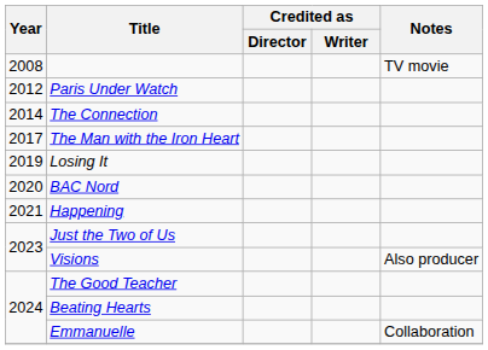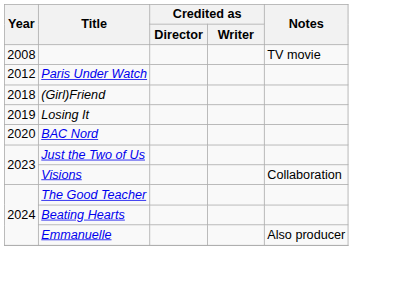 <table class="wikitable">
 <tr>
 <th rowspan="2">Year</th>
 <th rowspan="2">Title</th>
 <th colspan="2">Credited as</th>
 <th rowspan="2'">Notes</th>
 </tr>
 <tr>
 <th width=65>Director</th>
 <th width=65>Writer</th>
 </tr>
 <tr>
 <td>2008</td>
 <td></td>
 <td></td>
 <td></td>
 <td>TV movie</td>
 </tr>
 <tr>
 <td>2012</td>
 <td><em><a href='#'>Paris Under Watch</a></em></td>
 <td></td>
 <td></td>
 <td></td>
 </tr>
 <tr>
-<td>2014</td>
-<td><em><a href='#'>The Connection</a></em></td>
-<td></td>
-<td></td>
-<td></td>
-</tr>
-<tr>
-<td>2017</td>
-<td><em><a href='#'>The Man with the Iron Heart</a></em></td>
+<td>2018</td>
+<td><em>(Girl)Friend</em></td>
 <td></td>
 <td></td>
 <td></td>
 </tr>
 <tr>
 <td>2019</td>
 <td><em>Losing It</em></td>
 <td></td>
 <td></td>
 <td></td>
 </tr>
 <tr>
 <td>2020</td>
 <td><em><a href='#'>BAC Nord</a></em></td>
 <td></td>
 <td></td>
 <td></td>
 </tr>
 <tr>
-<td>2021</td>
-<td><em><a href='#'>Happening</a></em></td>
-<td></td>
-<td></td>
-<td></td>
-</tr>
-<tr>
 <td rowspan="2">2023</td>
 <td><em><a href='#'>Just the Two of Us</a></em></td>
 <td></td>
 <td></td>
 <td></td>
 </tr>
 <tr>
 <td><em><a href='#'>Visions</a></em></td>
 <td></td>
 <td></td>
-<td>Also producer</td>
+<td>Collaboration</td>
 </tr>
 <tr>
 <td rowspan="3">2024</td>
 <td><em><a href='#'>The Good Teacher</a></em></td>
 <td></td>
 <td></td>
 <td></td>
 </tr>
 <tr>
 <td><em><a href='#'>Beating Hearts</a></em></td>
 <td></td>
 <td></td>
 </tr>
 <tr>
 <td><em><a href='#'>Emmanuelle</a></em></td>
 <td></td>
 <td></td>
-<td>Collaboration</td>
+<td>Also producer</td>
 </tr>
 <tr>
 </tr>
 </table>
